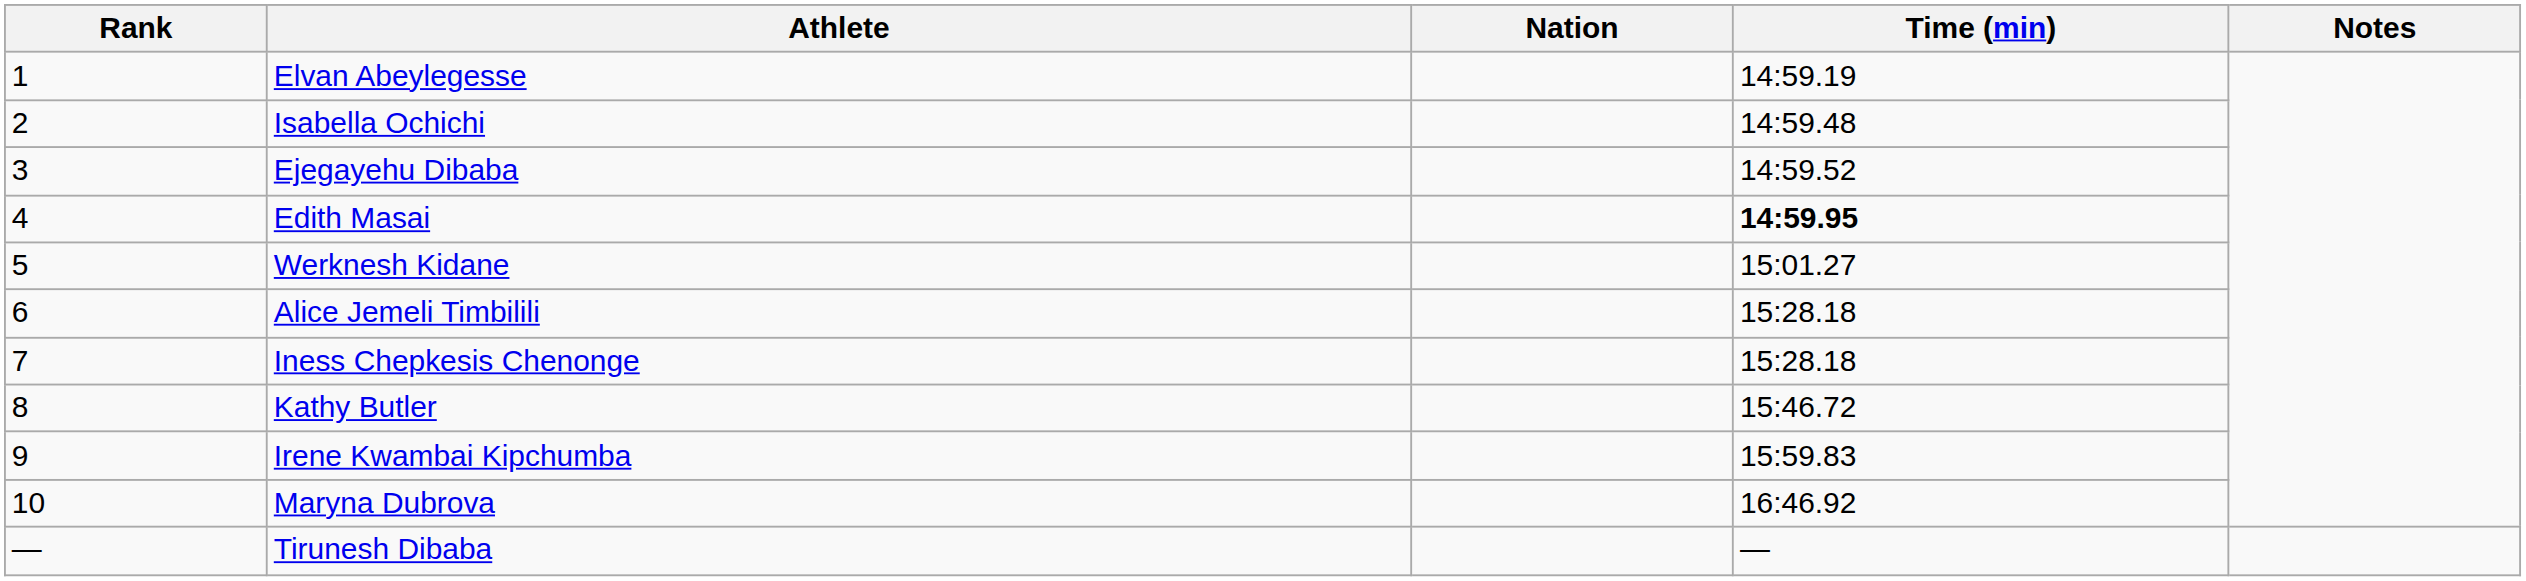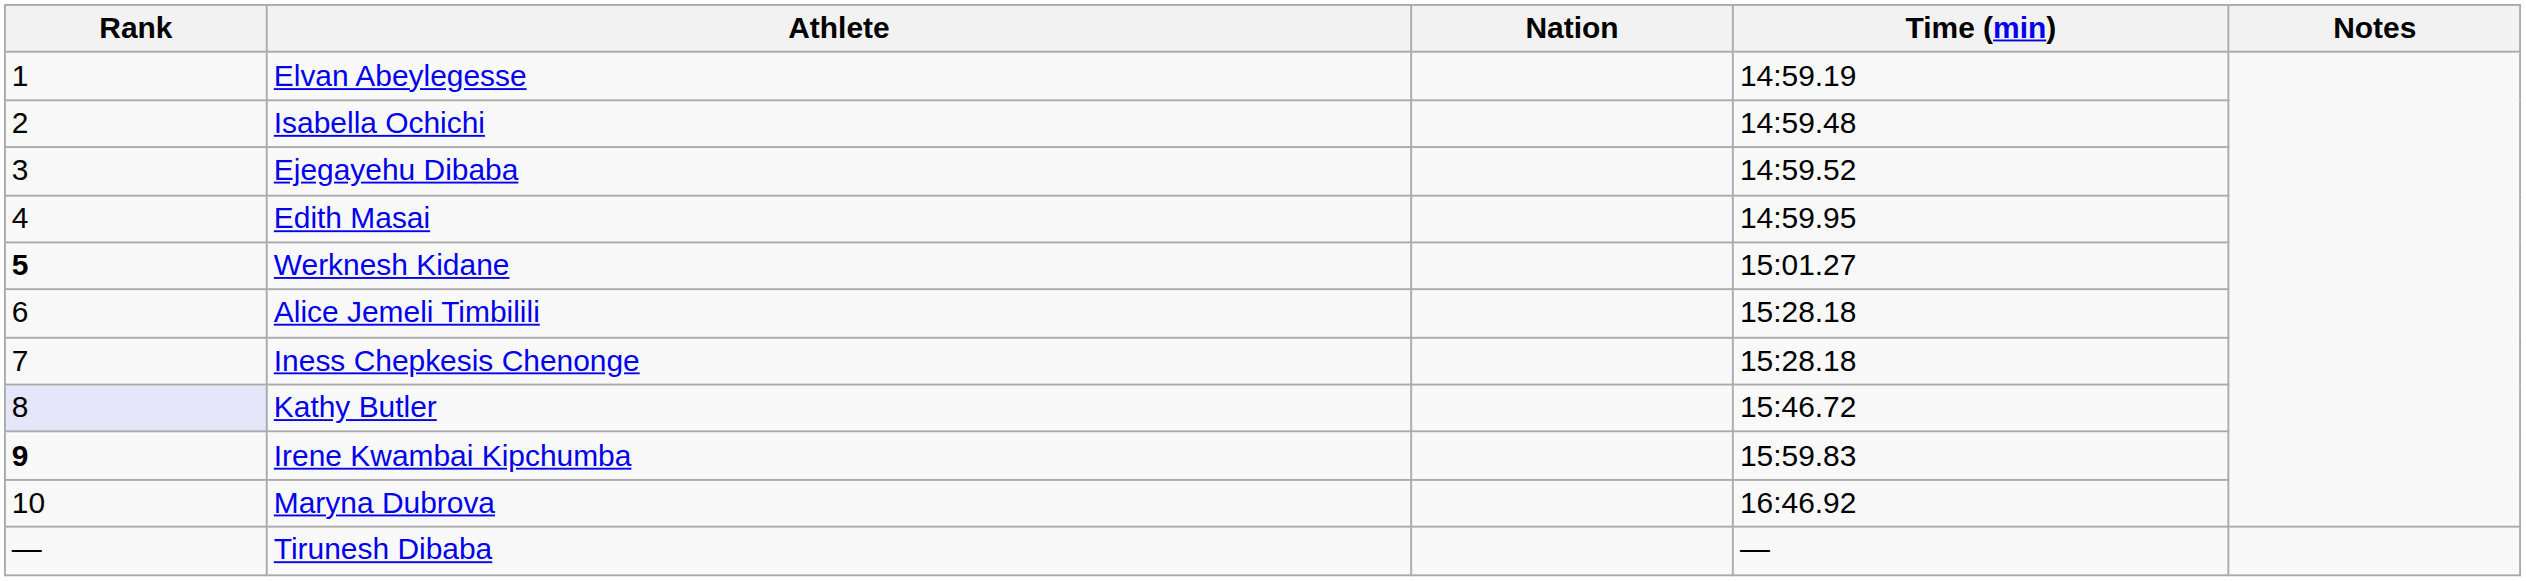 <table class="wikitable" style="text=align:center;" width=85%>
 <tr>
 <th>Rank</th>
 <th>Athlete</th>
 <th>Nation</th>
 <th>Time (<a href='#'>min</a>)</th>
 <th>Notes</th>
 </tr>
 <tr>
 <td>1</td>
 <td><a href='#'>Elvan Abeylegesse</a></td>
 <td></td>
 <td>14:59.19</td>
 </tr>
 <tr>
 <td>2</td>
 <td><a href='#'>Isabella Ochichi</a></td>
 <td></td>
 <td>14:59.48</td>
 </tr>
 <tr>
 <td>3</td>
 <td><a href='#'>Ejegayehu Dibaba</a></td>
 <td></td>
 <td>14:59.52</td>
 </tr>
 <tr>
 <td>4</td>
 <td><a href='#'>Edith Masai</a></td>
 <td></td>
-<td><strong>14:59.95</strong></td>
+<td>14:59.95</td>
 </tr>
 <tr>
-<td>5</td>
+<td><strong>5</strong></td>
 <td><a href='#'>Werknesh Kidane</a></td>
 <td></td>
 <td>15:01.27</td>
 </tr>
 <tr>
 <td>6</td>
 <td><a href='#'>Alice Jemeli Timbilili</a></td>
 <td></td>
 <td>15:28.18</td>
 </tr>
 <tr>
 <td>7</td>
 <td><a href='#'>Iness Chepkesis Chenonge</a></td>
 <td></td>
 <td>15:28.18</td>
 </tr>
 <tr>
-<td>8</td>
+<td style="background: lavender;">8</td>
 <td><a href='#'>Kathy Butler</a></td>
 <td></td>
 <td>15:46.72</td>
 </tr>
 <tr>
-<td>9</td>
+<td><strong>9</strong></td>
 <td><a href='#'>Irene Kwambai Kipchumba</a></td>
 <td></td>
 <td>15:59.83</td>
 </tr>
 <tr>
 <td>10</td>
 <td><a href='#'>Maryna Dubrova</a></td>
 <td></td>
 <td>16:46.92</td>
 </tr>
 <tr>
 <td>—</td>
 <td><a href='#'>Tirunesh Dibaba</a></td>
 <td></td>
 <td>—</td>
 <td></td>
 </tr>
 </table>
